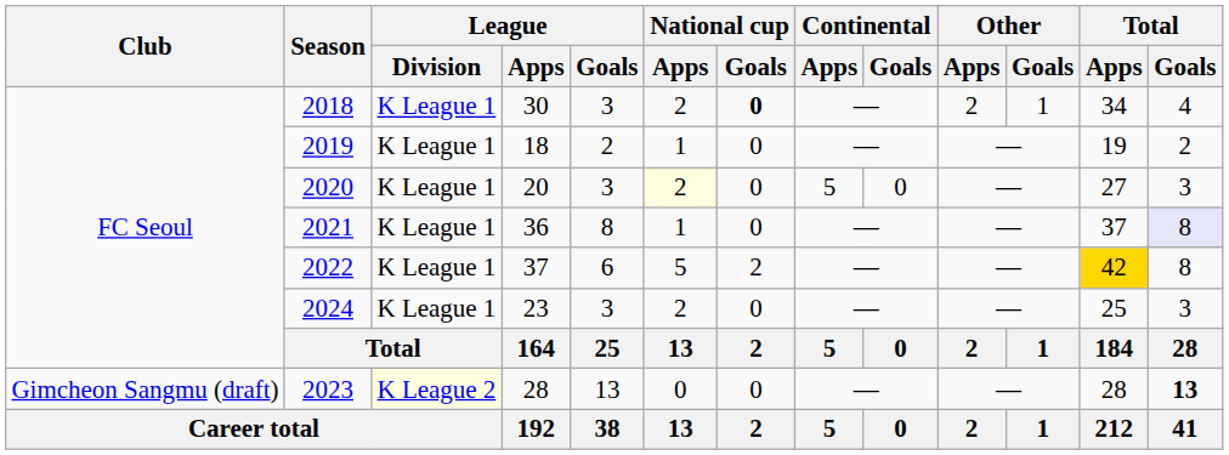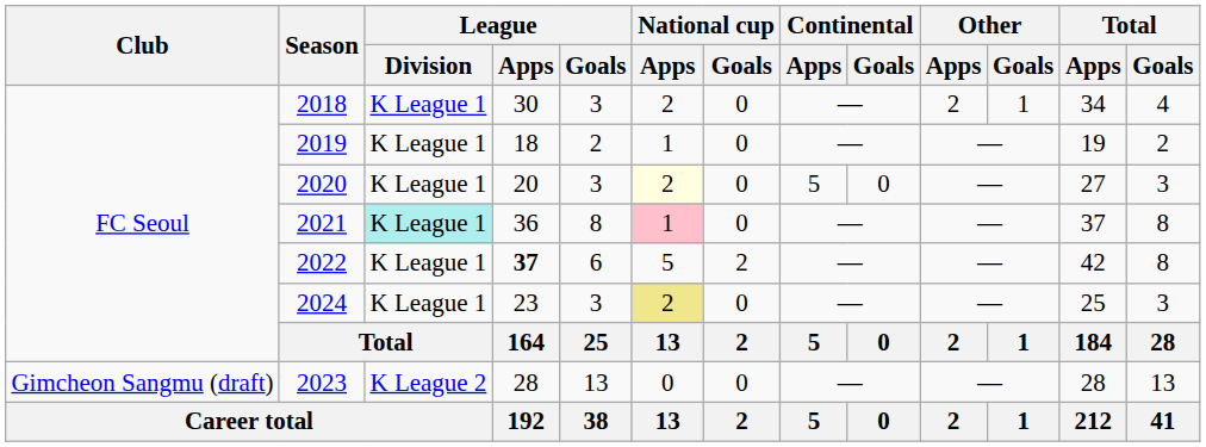 <table class="wikitable" style="text-align:center">
 <tr>
 <th rowspan="2">Club</th>
 <th rowspan="2">Season</th>
 <th colspan="3">League</th>
 <th colspan="2">National cup</th>
 <th colspan="2">Continental</th>
 <th colspan="2">Other</th>
 <th colspan="2">Total</th>
 </tr>
 <tr>
 <th>Division</th>
 <th>Apps</th>
 <th>Goals</th>
 <th>Apps</th>
 <th>Goals</th>
 <th>Apps</th>
 <th>Goals</th>
 <th>Apps</th>
 <th>Goals</th>
 <th>Apps</th>
 <th>Goals</th>
 </tr>
 <tr>
 <td rowspan="7"><a href='#'>FC Seoul</a></td>
 <td><a href='#'>2018</a></td>
 <td><a href='#'>K League 1</a></td>
 <td>30</td>
 <td>3</td>
 <td>2</td>
-<td><strong>0</strong></td>
+<td>0</td>
 <td colspan=2>—</td>
 <td>2</td>
 <td>1</td>
 <td>34</td>
 <td>4</td>
 </tr>
 <tr>
 <td><a href='#'>2019</a></td>
 <td>K League 1</td>
 <td>18</td>
 <td>2</td>
 <td>1</td>
 <td>0</td>
 <td colspan=2>—</td>
 <td colspan=2>—</td>
 <td>19</td>
 <td>2</td>
 </tr>
 <tr>
 <td><a href='#'>2020</a></td>
 <td>K League 1</td>
 <td>20</td>
 <td>3</td>
 <td style="background: lightyellow;">2</td>
 <td>0</td>
 <td>5</td>
 <td>0</td>
 <td colspan=2>—</td>
 <td>27</td>
 <td>3</td>
 </tr>
 <tr>
 <td><a href='#'>2021</a></td>
-<td>K League 1</td>
+<td style="background: paleturquoise;">K League 1</td>
 <td>36</td>
 <td>8</td>
-<td>1</td>
+<td style="background: pink;">1</td>
 <td>0</td>
 <td colspan=2>—</td>
 <td colspan=2>—</td>
 <td>37</td>
-<td style="background: lavender;">8</td>
+<td>8</td>
 </tr>
 <tr>
 <td><a href='#'>2022</a></td>
 <td>K League 1</td>
-<td>37</td>
+<td><strong>37</strong></td>
 <td>6</td>
 <td>5</td>
 <td>2</td>
 <td colspan=2>—</td>
 <td colspan=2>—</td>
-<td style="background: gold;">42</td>
+<td>42</td>
 <td>8</td>
 </tr>
 <tr>
 <td><a href='#'>2024</a></td>
 <td>K League 1</td>
 <td>23</td>
 <td>3</td>
-<td>2</td>
+<td style="background: khaki;">2</td>
 <td>0</td>
 <td colspan=2>—</td>
 <td colspan=2>—</td>
 <td>25</td>
 <td>3</td>
 </tr>
 <tr>
 <th colspan="2">Total</th>
 <th>164</th>
 <th>25</th>
 <th>13</th>
 <th>2</th>
 <th>5</th>
 <th>0</th>
 <th>2</th>
 <th>1</th>
 <th>184</th>
 <th>28</th>
 </tr>
 <tr>
 <td><a href='#'>Gimcheon Sangmu</a> (<a href='#'>draft</a>)</td>
 <td><a href='#'>2023</a></td>
-<td style="background: lightyellow;"><a href='#'>K League 2</a></td>
+<td><a href='#'>K League 2</a></td>
 <td>28</td>
 <td>13</td>
 <td>0</td>
 <td>0</td>
 <td colspan=2>—</td>
 <td colspan=2>—</td>
 <td>28</td>
-<td><strong>13</strong></td>
+<td>13</td>
 </tr>
 <tr>
 <th colspan=3>Career total</th>
 <th>192</th>
 <th>38</th>
 <th>13</th>
 <th>2</th>
 <th>5</th>
 <th>0</th>
 <th>2</th>
 <th>1</th>
 <th>212</th>
 <th>41</th>
 </tr>
 </table>
